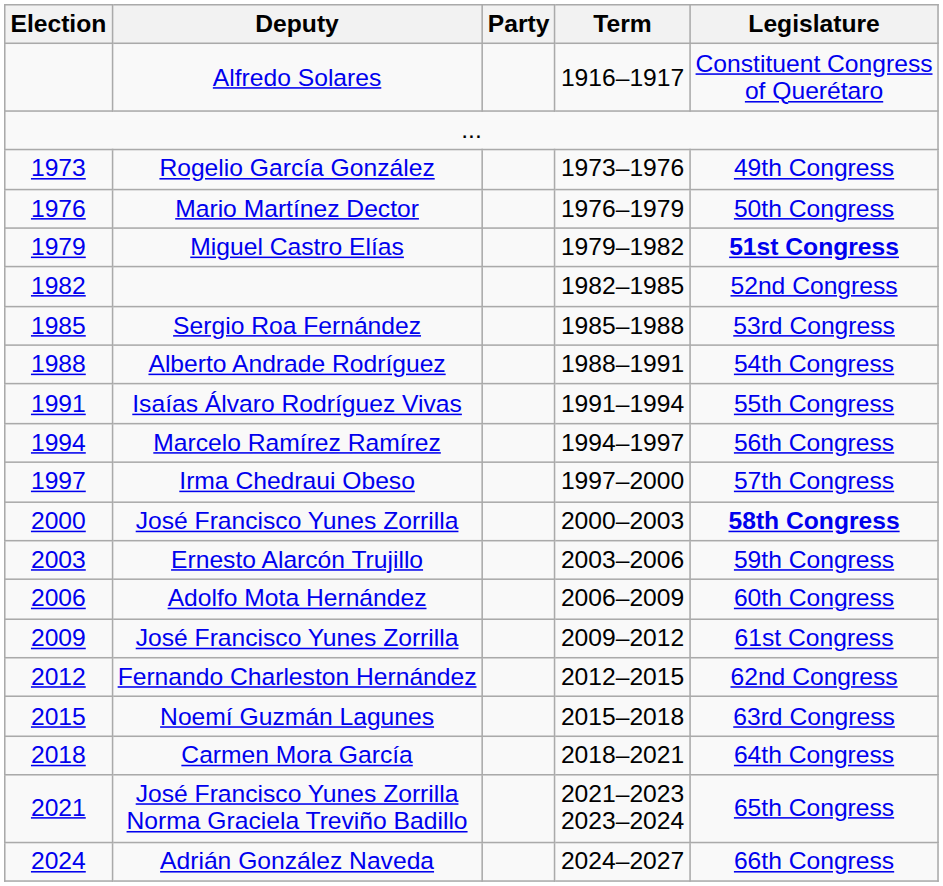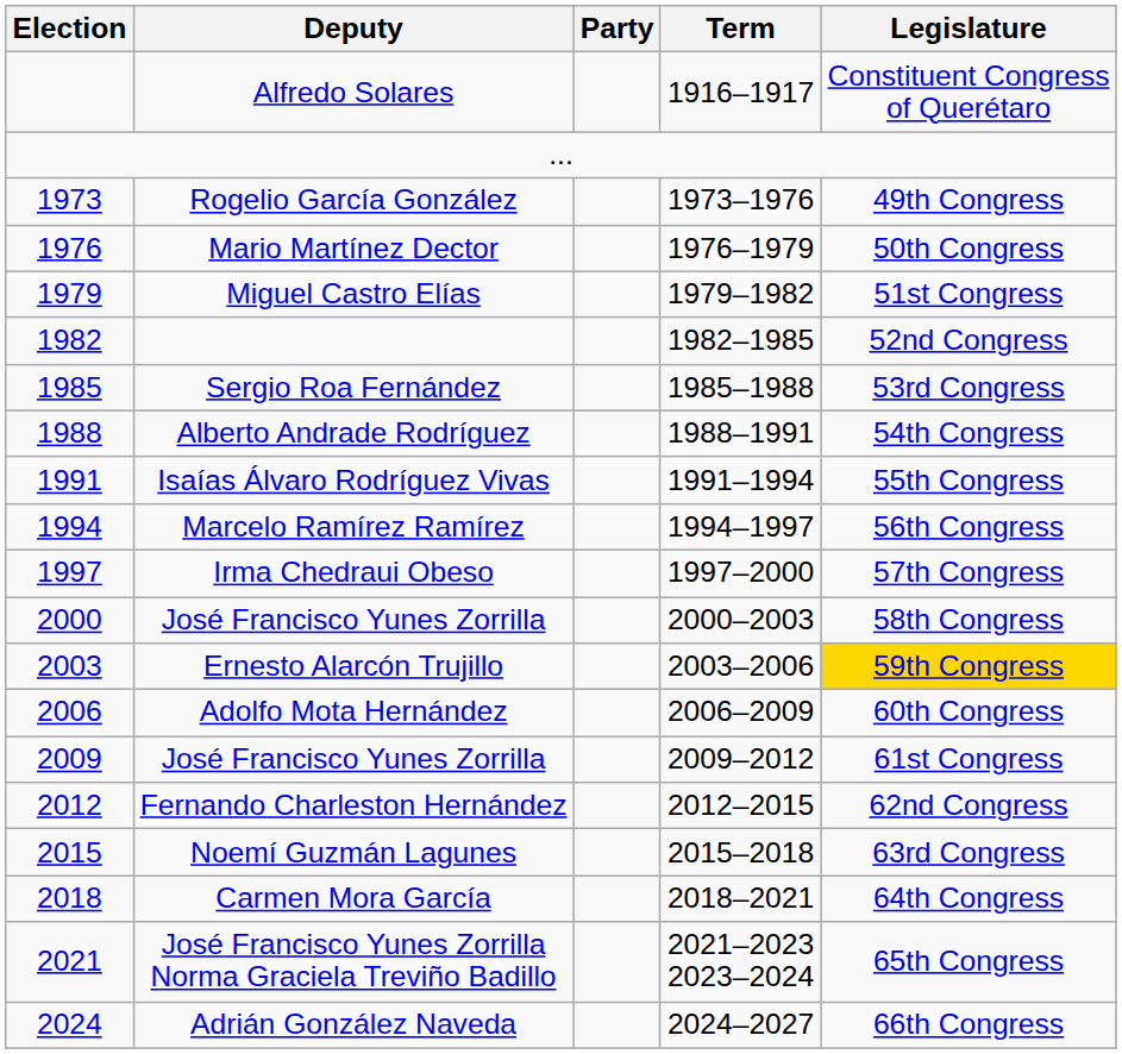 <table class="wikitable sortable" style="text-align: center">
 <tr>
 <th>Election</th>
 <th class="unsortable">Deputy</th>
 <th class="unsortable">Party</th>
 <th class="unsortable">Term</th>
 <th class="unsortable">Legislature</th>
 </tr>
 <tr>
 <td></td>
 <td><a href='#'>Alfredo Solares</a></td>
 <td></td>
 <td>1916–1917</td>
 <td><a href='#'>Constituent Congress<br>of Querétaro</a></td>
 </tr>
 <tr>
 <td colspan=5> ...</td>
 </tr>
 <tr>
 <td><a href='#'>1973</a></td>
 <td><a href='#'>Rogelio García González</a></td>
 <td></td>
 <td>1973–1976</td>
 <td><a href='#'>49th Congress</a></td>
 </tr>
 <tr>
 <td><a href='#'>1976</a></td>
 <td><a href='#'>Mario Martínez Dector</a></td>
 <td></td>
 <td>1976–1979</td>
 <td><a href='#'>50th Congress</a></td>
 </tr>
 <tr>
 <td><a href='#'>1979</a></td>
 <td><a href='#'>Miguel Castro Elías</a></td>
 <td></td>
 <td>1979–1982</td>
-<td><strong><a href='#'>51st Congress</a></strong></td>
+<td><a href='#'>51st Congress</a></td>
 </tr>
 <tr>
 <td><a href='#'>1982</a></td>
 <td></td>
 <td></td>
 <td>1982–1985</td>
 <td><a href='#'>52nd Congress</a></td>
 </tr>
 <tr>
 <td><a href='#'>1985</a></td>
 <td><a href='#'>Sergio Roa Fernández</a></td>
 <td></td>
 <td>1985–1988</td>
 <td><a href='#'>53rd Congress</a></td>
 </tr>
 <tr>
 <td><a href='#'>1988</a></td>
 <td><a href='#'>Alberto Andrade Rodríguez</a></td>
 <td></td>
 <td>1988–1991</td>
 <td><a href='#'>54th Congress</a></td>
 </tr>
 <tr>
 <td><a href='#'>1991</a></td>
 <td><a href='#'>Isaías Álvaro Rodríguez Vivas</a></td>
 <td></td>
 <td>1991–1994</td>
 <td><a href='#'>55th Congress</a></td>
 </tr>
 <tr>
 <td><a href='#'>1994</a></td>
 <td><a href='#'>Marcelo Ramírez Ramírez</a></td>
 <td></td>
 <td>1994–1997</td>
 <td><a href='#'>56th Congress</a></td>
 </tr>
 <tr>
 <td><a href='#'>1997</a></td>
 <td><a href='#'>Irma Chedraui Obeso</a></td>
 <td></td>
 <td>1997–2000</td>
 <td><a href='#'>57th Congress</a></td>
 </tr>
 <tr>
 <td><a href='#'>2000</a></td>
 <td><a href='#'>José Francisco Yunes Zorrilla</a></td>
 <td></td>
 <td>2000–2003</td>
-<td><strong><a href='#'>58th Congress</a></strong></td>
+<td><a href='#'>58th Congress</a></td>
 </tr>
 <tr>
 <td><a href='#'>2003</a></td>
 <td><a href='#'>Ernesto Alarcón Trujillo</a></td>
 <td></td>
 <td>2003–2006</td>
-<td><a href='#'>59th Congress</a></td>
+<td style="background: gold;"><a href='#'>59th Congress</a></td>
 </tr>
 <tr>
 <td><a href='#'>2006</a></td>
 <td><a href='#'>Adolfo Mota Hernández</a></td>
 <td></td>
 <td>2006–2009</td>
 <td><a href='#'>60th Congress</a></td>
 </tr>
 <tr>
 <td><a href='#'>2009</a></td>
 <td><a href='#'>José Francisco Yunes Zorrilla</a></td>
 <td></td>
 <td>2009–2012</td>
 <td><a href='#'>61st Congress</a></td>
 </tr>
 <tr>
 <td><a href='#'>2012</a></td>
 <td><a href='#'>Fernando Charleston Hernández</a></td>
 <td></td>
 <td>2012–2015</td>
 <td><a href='#'>62nd Congress</a></td>
 </tr>
 <tr>
 <td><a href='#'>2015</a></td>
 <td><a href='#'>Noemí Guzmán Lagunes</a></td>
 <td></td>
 <td>2015–2018</td>
 <td><a href='#'>63rd Congress</a></td>
 </tr>
 <tr>
 <td><a href='#'>2018</a></td>
 <td><a href='#'>Carmen Mora García</a></td>
 <td></td>
 <td>2018–2021</td>
 <td><a href='#'>64th Congress</a></td>
 </tr>
 <tr>
 <td><a href='#'>2021</a></td>
 <td><a href='#'>José Francisco Yunes Zorrilla</a><br><a href='#'>Norma Graciela Treviño Badillo</a></td>
 <td></td>
 <td>2021–2023<br>2023–2024</td>
 <td><a href='#'>65th Congress</a></td>
 </tr>
 <tr>
 <td><a href='#'>2024</a></td>
 <td><a href='#'>Adrián González Naveda</a></td>
 <td> </td>
 <td>2024–2027</td>
 <td><a href='#'>66th Congress</a></td>
 </tr>
 </table>
